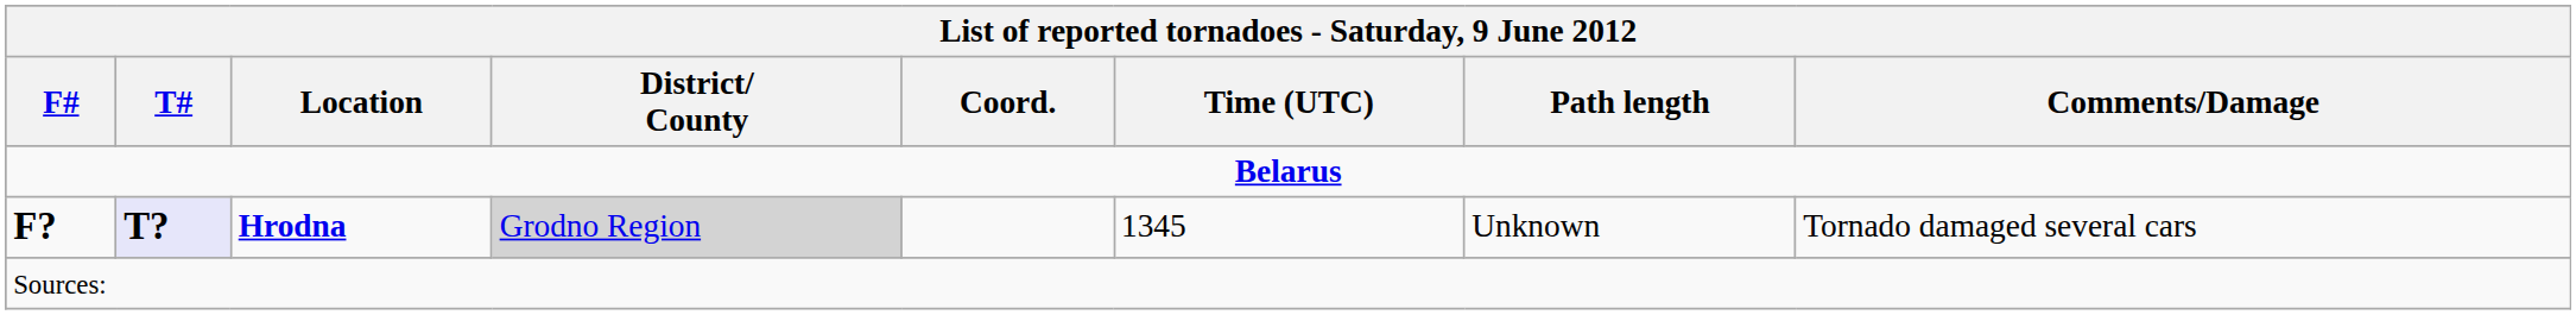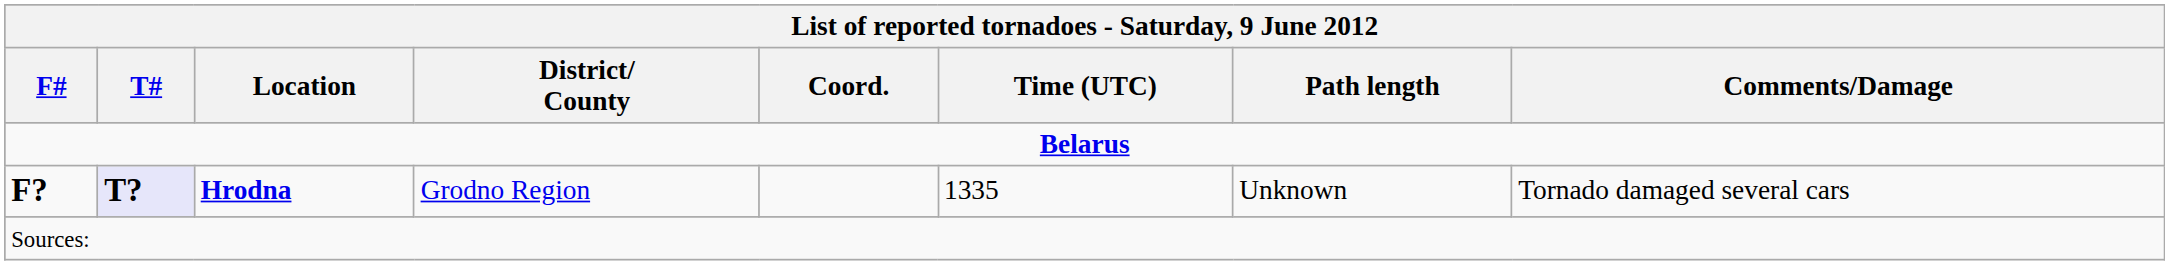 <table class="wikitable collapsible" width="100%">
 <tr>
 <th colspan="8">List of reported tornadoes - Saturday, 9 June 2012</th>
 </tr>
 <tr>
 <th><a href='#'>F#</a></th>
 <th><a href='#'>T#</a></th>
 <th>Location</th>
 <th>District/<br>County</th>
 <th>Coord.</th>
 <th>Time (UTC)</th>
 <th>Path length</th>
 <th>Comments/Damage</th>
 </tr>
 <tr>
 <td colspan="8" align=center><strong><a href='#'>Belarus</a></strong></td>
 </tr>
 <tr>
 <td><big><strong>F?</strong></big></td>
 <td style="background: lavender;"><big><strong>T?</strong></big></td>
 <td><strong><a href='#'>Hrodna</a></strong></td>
-<td style="background: lightgrey;"><a href='#'>Grodno Region</a></td>
+<td><a href='#'>Grodno Region</a></td>
 <td></td>
-<td>1345</td>
+<td>1335</td>
 <td>Unknown</td>
 <td>Tornado damaged several cars</td>
 </tr>
 <tr>
 <td colspan="8"><small>Sources:  </small></td>
 </tr>
 </table>
